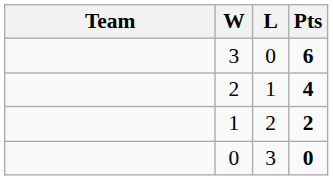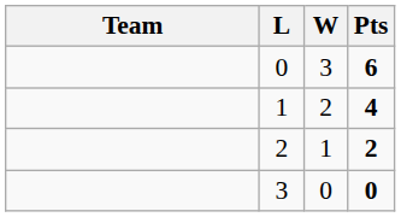 <table class="wikitable" style="text-align:center;">
 <tr>
 <th width=150>Team</th>
+<th width=20>L</th>
 <th width=20>W</th>
-<th width=20>L</th>
 <th width=20>Pts</th>
+</tr>
+<tr>
+<td align="left"></td>
+<td>0</td>
+<td>3</td>
+<td><strong>6</strong></td>
+</tr>
+<tr>
+<td align="left"></td>
+<td>1</td>
+<td>2</td>
+<td><strong>4</strong></td>
+</tr>
+<tr>
+<td align="left"></td>
+<td>2</td>
+<td>1</td>
+<td><strong>2</strong></td>
 </tr>
 <tr>
 <td align="left"></td>
 <td>3</td>
 <td>0</td>
-<td><strong>6</strong></td>
-</tr>
-<tr>
-<td align="left"></td>
-<td>2</td>
-<td>1</td>
-<td><strong>4</strong></td>
-</tr>
-<tr>
-<td align="left"></td>
-<td>1</td>
-<td>2</td>
-<td><strong>2</strong></td>
-</tr>
-<tr>
-<td align="left"></td>
-<td>0</td>
-<td>3</td>
 <td><strong>0</strong></td>
 </tr>
 </table>
